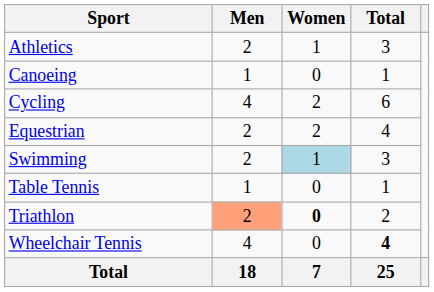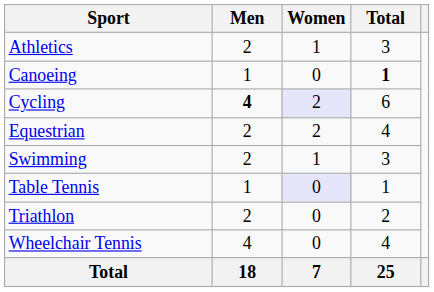 <table class="wikitable sortable" style="text-align:center;">
 <tr>
 <th width="180">Sport</th>
 <th width="55">Men</th>
 <th width="55">Women</th>
 <th width="55">Total</th>
 <th></th>
 </tr>
 <tr>
 <td align="left"><a href='#'>Athletics</a></td>
 <td>2</td>
 <td>1</td>
 <td>3</td>
 <td rowspan="8"></td>
 </tr>
 <tr>
 <td align="left"><a href='#'>Canoeing</a></td>
 <td>1</td>
 <td>0</td>
-<td>1</td>
+<td><strong>1</strong></td>
 </tr>
 <tr>
 <td align="left"><a href='#'>Cycling</a></td>
-<td>4</td>
-<td>2</td>
+<td><strong>4</strong></td>
+<td style="background: lavender;">2</td>
 <td>6</td>
 </tr>
 <tr>
 <td align="left"><a href='#'>Equestrian</a></td>
 <td>2</td>
 <td>2</td>
 <td>4</td>
 </tr>
 <tr>
 <td align="left"><a href='#'>Swimming</a></td>
 <td>2</td>
-<td style="background: lightblue;">1</td>
+<td>1</td>
 <td>3</td>
 </tr>
 <tr>
 <td align="left"><a href='#'>Table Tennis</a></td>
 <td>1</td>
-<td>0</td>
+<td style="background: lavender;">0</td>
 <td>1</td>
 </tr>
 <tr>
 <td align="left"><a href='#'>Triathlon</a></td>
-<td style="background: lightsalmon;">2</td>
-<td><strong>0</strong></td>
+<td>2</td>
+<td>0</td>
 <td>2</td>
 </tr>
 <tr>
 <td align="left"><a href='#'>Wheelchair Tennis</a></td>
 <td>4</td>
 <td>0</td>
-<td><strong>4</strong></td>
+<td>4</td>
 </tr>
 <tr>
 <th>Total</th>
 <th>18</th>
 <th>7</th>
 <th>25</th>
 <th></th>
 </tr>
 </table>
